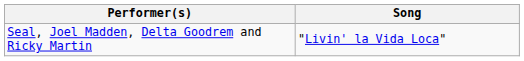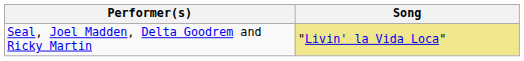 <table class="wikitable" style="font-size:95%;">
 <tr>
 <th scope="col" style="width:300px;">Performer(s)</th>
 <th scope="col" style="width:230px;">Song</th>
 </tr>
 <tr>
 <td><a href='#'>Seal</a>, <a href='#'>Joel Madden</a>, <a href='#'>Delta Goodrem</a> and <a href='#'>Ricky Martin</a></td>
-<td>"<a href='#'>Livin' la Vida Loca</a>"</td>
+<td style="background: khaki;">"<a href='#'>Livin' la Vida Loca</a>"</td>
 </tr>
 </table>
